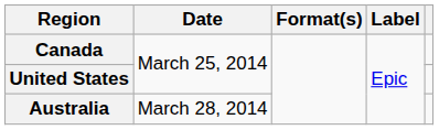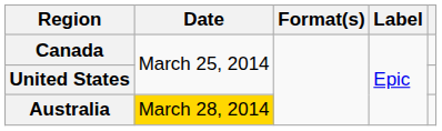 <table class="wikitable plainrowheaders">
 <tr>
 <th scope="col">Region</th>
 <th scope="col">Date</th>
 <th scope="col">Format(s)</th>
 <th scope="col">Label</th>
 <th scope="col"></th>
 </tr>
 <tr>
 <th scope="row">Canada</th>
 <td rowspan="2">March 25, 2014</td>
 <td rowspan="3"></td>
 <td rowspan="3"><a href='#'>Epic</a></td>
 <td></td>
 </tr>
 <tr>
 <th scope="row">United States</th>
 <td></td>
 </tr>
 <tr>
 <th scope="row">Australia</th>
-<td>March 28, 2014</td>
+<td style="background: gold;">March 28, 2014</td>
 <td></td>
 </tr>
 </table>
